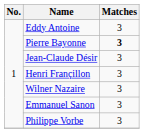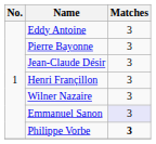 <table class="wikitable" style="text-align: left;">
 <tr>
 <th>No.</th>
 <th>Name</th>
 <th>Matches</th>
 </tr>
 <tr>
 <td rowspan=7 align=center>1</td>
 <td><a href='#'>Eddy Antoine</a></td>
 <td align=center>3</td>
 </tr>
 <tr>
 <td><a href='#'>Pierre Bayonne</a></td>
-<td align=center><strong>3</strong></td>
+<td align=center>3</td>
 </tr>
 <tr>
 <td><a href='#'>Jean-Claude Désir</a></td>
 <td align=center>3</td>
 </tr>
 <tr>
 <td><a href='#'>Henri Françillon</a></td>
 <td align=center>3</td>
 </tr>
 <tr>
 <td><a href='#'>Wilner Nazaire</a></td>
 <td align=center>3</td>
 </tr>
 <tr>
 <td><a href='#'>Emmanuel Sanon</a></td>
-<td align=center>3</td>
+<td align=center style="background: lavender;">3</td>
 </tr>
 <tr>
 <td><a href='#'>Philippe Vorbe</a></td>
-<td align=center>3</td>
+<td align=center><strong>3</strong></td>
 </tr>
 <tr>
 </tr>
 </table>
